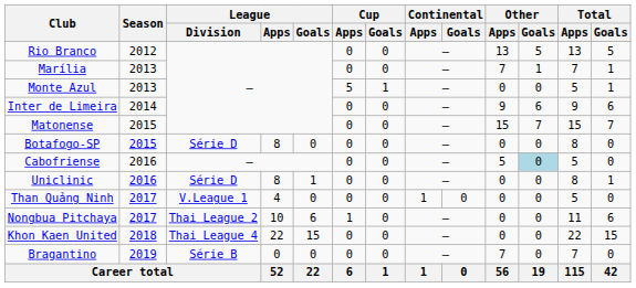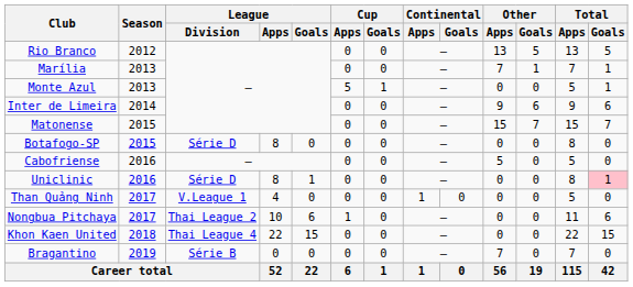 <table class="wikitable" style="text-align: center">
 <tr>
 <th rowspan="2">Club</th>
 <th rowspan="2">Season</th>
 <th colspan="3">League</th>
 <th colspan="2">Cup</th>
 <th colspan="2">Continental</th>
 <th colspan="2">Other</th>
 <th colspan="2">Total</th>
 </tr>
 <tr>
 <th>Division</th>
 <th>Apps</th>
 <th>Goals</th>
 <th>Apps</th>
 <th>Goals</th>
 <th>Apps</th>
 <th>Goals</th>
 <th>Apps</th>
 <th>Goals</th>
 <th>Apps</th>
 <th>Goals</th>
 </tr>
 <tr>
 <td><a href='#'>Rio Branco</a></td>
 <td>2012</td>
 <td rowspan="5" colspan="3">—</td>
 <td>0</td>
 <td>0</td>
 <td colspan="2">–</td>
 <td>13</td>
 <td>5</td>
 <td>13</td>
 <td>5</td>
 </tr>
 <tr>
 <td><a href='#'>Marília</a></td>
 <td>2013</td>
 <td>0</td>
 <td>0</td>
 <td colspan="2">–</td>
 <td>7</td>
 <td>1</td>
 <td>7</td>
 <td>1</td>
 </tr>
 <tr>
 <td><a href='#'>Monte Azul</a></td>
 <td>2013</td>
 <td>5</td>
 <td>1</td>
 <td colspan="2">–</td>
 <td>0</td>
 <td>0</td>
 <td>5</td>
 <td>1</td>
 </tr>
 <tr>
 <td><a href='#'>Inter de Limeira</a></td>
 <td>2014</td>
 <td>0</td>
 <td>0</td>
 <td colspan="2">–</td>
 <td>9</td>
 <td>6</td>
 <td>9</td>
 <td>6</td>
 </tr>
 <tr>
 <td><a href='#'>Matonense</a></td>
 <td>2015</td>
 <td>0</td>
 <td>0</td>
 <td colspan="2">–</td>
 <td>15</td>
 <td>7</td>
 <td>15</td>
 <td>7</td>
 </tr>
 <tr>
 <td><a href='#'>Botafogo-SP</a></td>
 <td><a href='#'>2015</a></td>
 <td><a href='#'>Série D</a></td>
 <td>8</td>
 <td>0</td>
 <td>0</td>
 <td>0</td>
 <td colspan="2">–</td>
 <td>0</td>
 <td>0</td>
 <td>8</td>
 <td>0</td>
 </tr>
 <tr>
 <td><a href='#'>Cabofriense</a></td>
 <td>2016</td>
 <td colspan="3">—</td>
 <td>0</td>
 <td>0</td>
 <td colspan="2">–</td>
 <td>5</td>
-<td style="background: lightblue;">0</td>
+<td>0</td>
 <td>5</td>
 <td>0</td>
 </tr>
 <tr>
 <td><a href='#'>Uniclinic</a></td>
 <td><a href='#'>2016</a></td>
 <td><a href='#'>Série D</a></td>
 <td>8</td>
 <td>1</td>
 <td>0</td>
 <td>0</td>
 <td colspan="2">–</td>
 <td>0</td>
 <td>0</td>
 <td>8</td>
-<td>1</td>
+<td style="background: pink;">1</td>
 </tr>
 <tr>
 <td><a href='#'>Than Quảng Ninh</a></td>
 <td><a href='#'>2017</a></td>
 <td><a href='#'>V.League 1</a></td>
 <td>4</td>
 <td>0</td>
 <td>0</td>
 <td>0</td>
 <td>1</td>
 <td>0</td>
 <td>0</td>
 <td>0</td>
 <td>5</td>
 <td>0</td>
 </tr>
 <tr>
 <td><a href='#'>Nongbua Pitchaya</a></td>
 <td><a href='#'>2017</a></td>
 <td><a href='#'>Thai League 2</a></td>
 <td>10</td>
 <td>6</td>
 <td>1</td>
 <td>0</td>
 <td colspan="2">–</td>
 <td>0</td>
 <td>0</td>
 <td>11</td>
 <td>6</td>
 </tr>
 <tr>
 <td><a href='#'>Khon Kaen United</a></td>
 <td><a href='#'>2018</a></td>
 <td><a href='#'>Thai League 4</a></td>
 <td>22</td>
 <td>15</td>
 <td>0</td>
 <td>0</td>
 <td colspan="2">–</td>
 <td>0</td>
 <td>0</td>
 <td>22</td>
 <td>15</td>
 </tr>
 <tr>
 <td><a href='#'>Bragantino</a></td>
 <td><a href='#'>2019</a></td>
 <td><a href='#'>Série B</a></td>
 <td>0</td>
 <td>0</td>
 <td>0</td>
 <td>0</td>
 <td colspan="2">–</td>
 <td>7</td>
 <td>0</td>
 <td>7</td>
 <td>0</td>
 </tr>
 <tr>
 <th colspan=3>Career total</th>
 <th>52</th>
 <th>22</th>
 <th>6</th>
 <th>1</th>
 <th>1</th>
 <th>0</th>
 <th>56</th>
 <th>19</th>
 <th>115</th>
 <th>42</th>
 </tr>
 </table>
